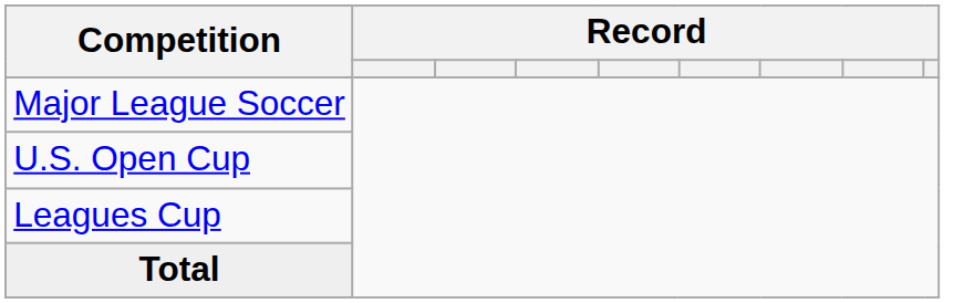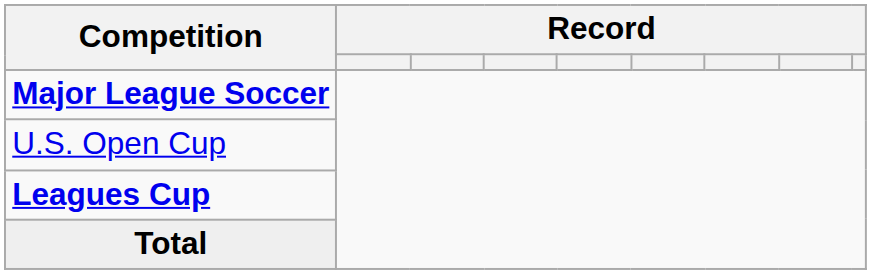 <table class="wikitable" style="text-align: center">
 <tr>
 <th rowspan=2>Competition</th>
 <th colspan=8>Record</th>
 </tr>
 <tr>
 <th width=30></th>
 <th width=30></th>
 <th width=30></th>
 <th width=30></th>
 <th width=30></th>
 <th width=30></th>
 <th width=30></th>
 <th></th>
 </tr>
 <tr>
-<td align="left"><a href='#'>Major League Soccer</a><br></td>
+<td align="left"><strong><a href='#'>Major League Soccer</a><br></strong></td>
 </tr>
 <tr>
 <td align="left"><a href='#'>U.S. Open Cup</a><br></td>
 </tr>
 <tr>
-<td align="left"><a href='#'>Leagues Cup</a><br></td>
+<td align="left"><strong><a href='#'>Leagues Cup</a><br></strong></td>
 </tr>
 <tr style=font-weight:bold;background:#efefef>
 <td>Total<br></td>
 </tr>
 </table>
